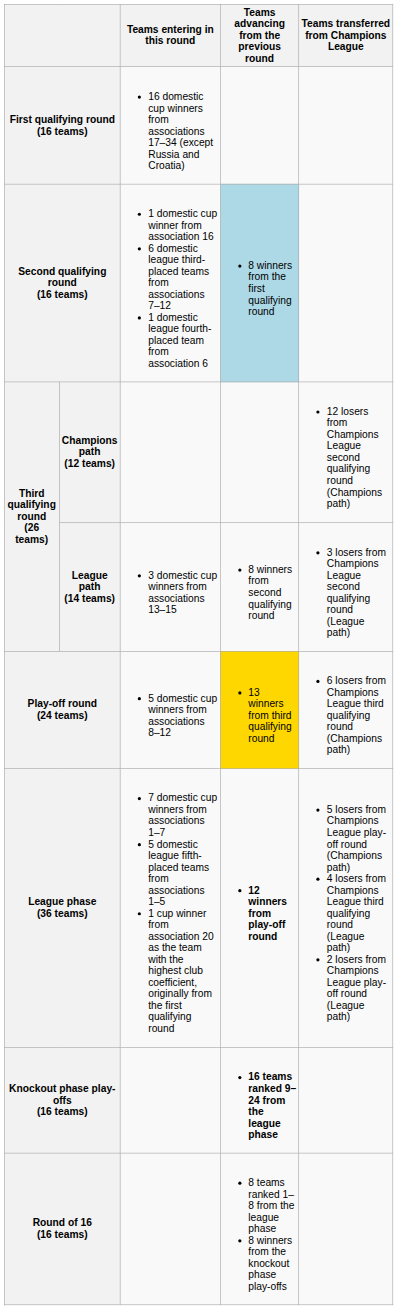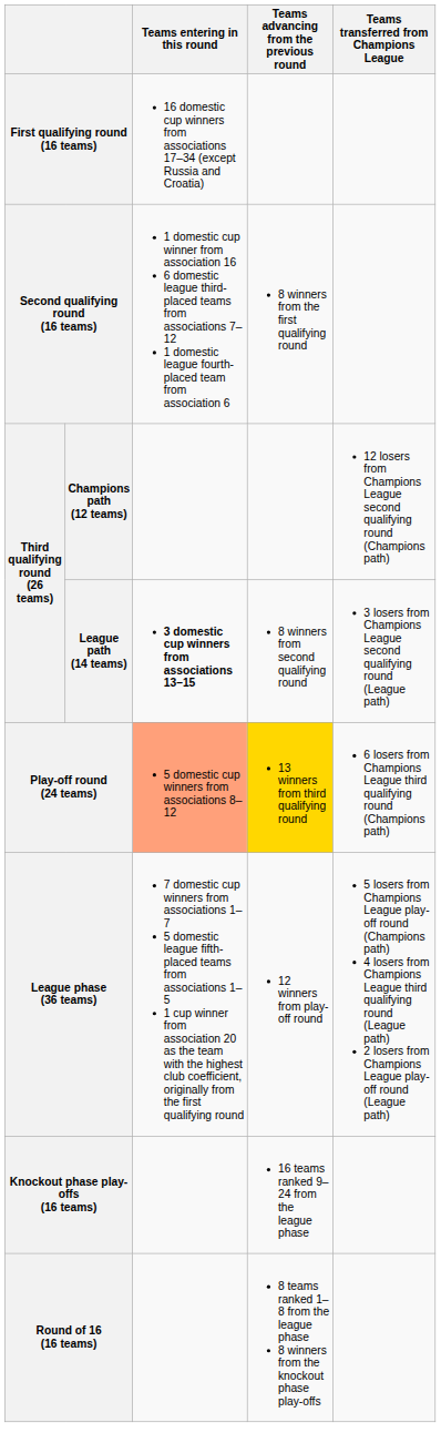 <table class="wikitable">
 <tr>
 <th colspan=2></th>
 <th>Teams entering in this round</th>
 <th>Teams advancing from the previous round</th>
 <th>Teams transferred from Champions League</th>
 </tr>
 <tr>
 <th colspan=2>First qualifying round<br> (16 teams)</th>
 <td><br><ul><li>16 domestic cup winners from associations 17–34 (except Russia and Croatia)</li></ul></td>
 <td></td>
 <td></td>
 </tr>
 <tr>
 <th colspan=2>Second qualifying round<br> (16 teams)</th>
 <td><br><ul><li>1 domestic cup winner from association 16</li><li>6 domestic league third-placed teams from associations 7–12</li><li>1 domestic league fourth-placed team from association 6</li></ul></td>
-<td style="background: lightblue;"><br><ul><li>8 winners from the first qualifying round</li></ul></td>
+<td><br><ul><li>8 winners from the first qualifying round</li></ul></td>
 <td></td>
 </tr>
 <tr>
 <th rowspan=2>Third qualifying round<br> (26 teams)</th>
 <th>Champions path<br> (12 teams)</th>
 <td></td>
 <td></td>
 <td><br><ul><li>12 losers from Champions League second qualifying round (Champions path)</li></ul></td>
 </tr>
 <tr>
 <th>League path<br> (14 teams)</th>
-<td><br><ul><li>3 domestic cup winners from associations 13–15</li></ul></td>
+<td><strong><br><ul><li>3 domestic cup winners from associations 13–15</li></ul></strong></td>
 <td><br><ul><li>8 winners from second qualifying round</li></ul></td>
 <td><br><ul><li>3 losers from Champions League second qualifying round (League path)</li></ul></td>
 </tr>
 <tr>
 <th colspan=2>Play-off round<br>(24 teams)</th>
-<td><br><ul><li>5 domestic cup winners from associations 8–12</li></ul></td>
+<td style="background: lightsalmon;"><br><ul><li>5 domestic cup winners from associations 8–12</li></ul></td>
 <td style="background: gold;"><br><ul><li>13 winners from third qualifying round</li></ul></td>
 <td><br><ul><li>6 losers from Champions League third qualifying round (Champions path)</li></ul></td>
 </tr>
 <tr>
 <th colspan=2>League phase<br> (36 teams)</th>
 <td><br><ul><li>7 domestic cup winners from associations 1–7</li><li>5 domestic league fifth-placed teams from associations 1–5</li><li>1 cup winner from association 20 as the team with the highest club coefficient, originally from the first qualifying round</li></ul></td>
-<td><strong><br><ul><li>12 winners from play-off round</li></ul></strong></td>
+<td><br><ul><li>12 winners from play-off round</li></ul></td>
 <td><br><ul><li>5 losers from Champions League play-off round (Champions path)</li><li>4 losers from Champions League third qualifying round (League path)</li><li>2 losers from Champions League play-off round (League path)</li></ul></td>
 </tr>
 <tr>
 <th colspan=2>Knockout phase play-offs<br>(16 teams)</th>
 <td></td>
-<td><strong><br><ul><li>16 teams ranked 9–24 from the league phase</li></ul></strong></td>
+<td><br><ul><li>16 teams ranked 9–24 from the league phase</li></ul></td>
 <td></td>
 </tr>
 <tr>
 <th colspan=2>Round of 16<br>(16 teams)</th>
 <td></td>
 <td><br><ul><li>8 teams ranked 1–8 from the league phase</li><li>8 winners from the knockout phase play-offs</li></ul></td>
 <td></td>
 </tr>
 </table>
